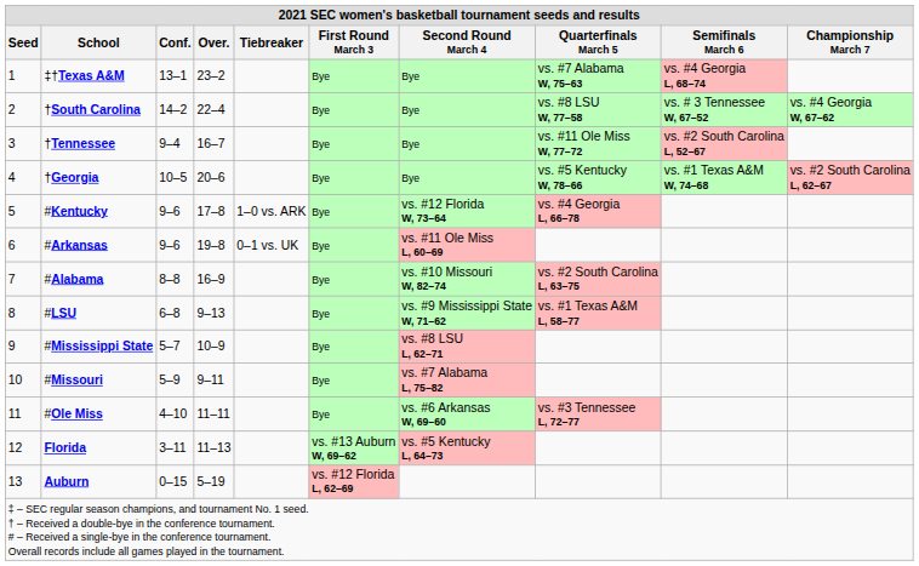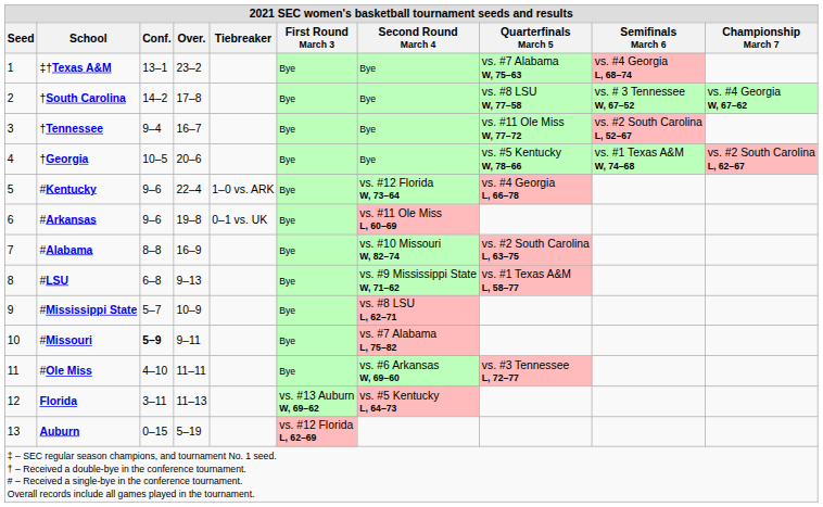 <table class="wikitable" style="white-space:nowrap; font-size:90%;">
 <tr>
 <td colspan="10" style="text-align:center; background:#DDDDDD; font:#000000"><strong>2021 SEC women's basketball tournament seeds and results</strong></td>
 </tr>
 <tr bgcolor="#efefef">
 <th>Seed</th>
 <th>School</th>
 <th>Conf.</th>
 <th>Over.</th>
 <th>Tiebreaker</th>
 <th>First Round<br><small>March 3</small></th>
 <th>Second Round<br><small>March 4</small></th>
 <th>Quarterfinals<br><small>March 5</small></th>
 <th>Semifinals<br><small>March 6</small></th>
 <th>Championship<br><small>March 7</small></th>
 </tr>
 <tr>
 <td>1</td>
 <td>‡†<strong><a href='#'>Texas A&M</a></strong></td>
 <td>13–1</td>
 <td>23–2</td>
 <td></td>
 <td style="background:#bfb;"><small>Bye</small></td>
 <td style="background:#bfb;"><small>Bye</small></td>
 <td style="background:#bfb;">vs. #7 Alabama<br><small><strong>W, 75–63</strong></small></td>
 <td style="background:#fbb;">vs. #4 Georgia<br><small><strong>L, 68–74</strong></small></td>
 <td></td>
 </tr>
 <tr>
 <td>2</td>
 <td>†<strong><a href='#'>South Carolina</a></strong></td>
 <td>14–2</td>
-<td>22–4</td>
+<td>17–8</td>
 <td></td>
 <td style="background:#bfb;"><small>Bye</small></td>
 <td style="background:#bfb;"><small>Bye</small></td>
 <td style="background:#bfb;">vs. #8 LSU<br><small><strong>W, 77–58</strong></small></td>
 <td style="background:#bfb;">vs. # 3 Tennessee<br><small><strong>W, 67–52</strong></small></td>
 <td style="background:#bfb;">vs. #4 Georgia<br><small><strong>W, 67–62</strong></small></td>
 </tr>
 <tr>
 <td>3</td>
 <td>†<strong><a href='#'>Tennessee</a></strong></td>
 <td>9–4</td>
 <td>16–7</td>
 <td></td>
 <td style="background:#bfb;"><small>Bye</small></td>
 <td style="background:#bfb;"><small>Bye</small></td>
 <td style="background:#bfb;">vs. #11 Ole Miss<br><small><strong>W, 77–72</strong></small></td>
 <td style="background:#fbb;">vs. #2 South Carolina<br><small><strong>L, 52–67</strong></small></td>
 <td></td>
 </tr>
 <tr>
 <td>4</td>
 <td>†<strong><a href='#'>Georgia</a></strong></td>
 <td>10–5</td>
 <td>20–6</td>
 <td></td>
 <td style="background:#bfb;"><small>Bye</small></td>
 <td style="background:#bfb;"><small>Bye</small></td>
 <td style="background:#bfb;">vs. #5 Kentucky<br><small><strong>W, 78–66</strong></small></td>
 <td style="background:#bfb;">vs. #1 Texas A&M<br><small><strong>W, 74–68</strong></small></td>
 <td style="background:#fbb;">vs. #2 South Carolina<br><small><strong>L, 62–67</strong></small></td>
 </tr>
 <tr>
 <td>5</td>
 <td>#<strong><a href='#'>Kentucky</a></strong></td>
 <td>9–6</td>
-<td>17–8</td>
+<td>22–4</td>
 <td>1–0 vs. ARK</td>
 <td style="background:#bfb;"><small>Bye</small></td>
 <td style="background:#bfb;">vs. #12 Florida<br><small><strong>W, 73–64</strong></small></td>
 <td style="background:#fbb;">vs. #4 Georgia<br><small><strong>L, 66–78</strong></small></td>
 <td></td>
 <td></td>
 </tr>
 <tr>
 <td>6</td>
 <td>#<strong><a href='#'>Arkansas</a></strong></td>
 <td>9–6</td>
 <td>19–8</td>
 <td>0–1 vs. UK</td>
 <td style="background:#bfb;"><small>Bye</small></td>
 <td style="background:#fbb;">vs. #11 Ole Miss<br><small><strong>L, 60–69</strong></small></td>
 <td></td>
 <td></td>
 <td></td>
 </tr>
 <tr>
 <td>7</td>
 <td>#<strong><a href='#'>Alabama</a></strong></td>
 <td>8–8</td>
 <td>16–9</td>
 <td></td>
 <td style="background:#bfb;"><small>Bye</small></td>
 <td style="background:#bfb;">vs. #10 Missouri<br><small><strong>W, 82–74</strong></small></td>
 <td style="background:#fbb;">vs. #2 South Carolina<br><small><strong>L, 63–75</strong></small></td>
 <td></td>
 <td></td>
 </tr>
 <tr>
 <td>8</td>
 <td>#<strong><a href='#'>LSU</a></strong></td>
 <td>6–8</td>
 <td>9–13</td>
 <td></td>
 <td style="background:#bfb;"><small>Bye</small></td>
 <td style="background:#bfb;">vs. #9 Mississippi State<br><small><strong>W, 71–62</strong></small></td>
 <td style="background:#fbb;">vs. #1 Texas A&M<br><small><strong>L, 58–77</strong></small></td>
 <td></td>
 <td></td>
 </tr>
 <tr>
 <td>9</td>
 <td>#<strong><a href='#'>Mississippi State</a> </strong></td>
 <td>5–7</td>
 <td>10–9</td>
 <td></td>
 <td style="background:#bfb;"><small>Bye</small></td>
 <td style="background:#fbb;">vs. #8 LSU<br><small><strong>L, 62–71</strong></small></td>
 <td></td>
 <td></td>
 <td></td>
 </tr>
 <tr>
 <td>10</td>
 <td>#<strong><a href='#'>Missouri</a></strong></td>
-<td>5–9</td>
+<td><strong>5–9</strong></td>
 <td>9–11</td>
 <td></td>
 <td style="background:#bfb;"><small>Bye</small></td>
 <td style="background:#fbb;">vs. #7 Alabama<br><small><strong>L, 75–82</strong></small></td>
 <td></td>
 <td></td>
 <td></td>
 </tr>
 <tr>
 <td>11</td>
 <td>#<strong><a href='#'>Ole Miss</a></strong></td>
 <td>4–10</td>
 <td>11–11</td>
 <td></td>
 <td style="background:#bfb;"><small>Bye</small></td>
 <td style="background:#bfb;">vs. #6 Arkansas<br><small><strong>W, 69–60</strong></small></td>
 <td style="background:#fbb;">vs. #3 Tennessee<br><small><strong>L, 72–77</strong></small></td>
 <td></td>
 <td></td>
 </tr>
 <tr>
 <td>12</td>
 <td><strong><a href='#'>Florida</a></strong></td>
 <td>3–11</td>
 <td>11–13</td>
 <td></td>
 <td style="background:#bfb;">vs. #13 Auburn<br><small><strong>W, 69–62</strong></small></td>
 <td style="background:#fbb;">vs. #5 Kentucky<br><small><strong>L, 64–73</strong></small></td>
 <td></td>
 <td></td>
 <td></td>
 </tr>
 <tr>
 <td>13</td>
 <td><strong><a href='#'>Auburn</a></strong></td>
 <td>0–15</td>
 <td>5–19</td>
 <td></td>
 <td style="background:#fbb;">vs. #12 Florida<br><small><strong>L, 62–69</strong></small></td>
 <td></td>
 <td></td>
 <td></td>
 <td></td>
 </tr>
 <tr>
 <td colspan="10" style="text-align:left;"><small>‡ – SEC regular season champions, and tournament No. 1 seed.<br>† – Received a double-bye in the conference tournament.<br># – Received a single-bye in the conference tournament.<br>Overall records include all games played in the tournament.</small></td>
 </tr>
 </table>
